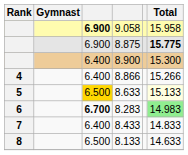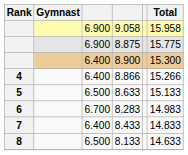 <table class="wikitable sortable" style="text-align:center; font-size:95%">
 <tr>
 <th scope=col>Rank</th>
 <th scope=col>Gymnast</th>
 <th scope=col></th>
 <th scope=col></th>
 <th scope=col></th>
 <th scope=col>Total</th>
 </tr>
 <tr bgcolor=fffcaf>
 <th scope=row></th>
 <td align=left></td>
-<td><strong>6.900</strong></td>
+<td>6.900</td>
 <td>9.058</td>
 <td></td>
 <td>15.958</td>
 </tr>
 <tr bgcolor=e5e5e5>
 <th scope=row></th>
 <td align=left></td>
 <td>6.900</td>
 <td>8.875</td>
 <td></td>
-<td><strong>15.775</strong></td>
+<td>15.775</td>
 </tr>
 <tr bgcolor=eecc99>
 <th scope=row></th>
 <td align=left></td>
 <td>6.400</td>
 <td>8.900</td>
 <td></td>
 <td>15.300</td>
 </tr>
 <tr>
 <th scope=row>4</th>
 <td align=left></td>
 <td>6.400</td>
 <td>8.866</td>
 <td></td>
 <td>15.266</td>
 </tr>
 <tr>
 <th scope=row>5</th>
 <td align=left></td>
-<td style="background: gold;">6.500</td>
+<td>6.500</td>
 <td>8.633</td>
 <td></td>
-<td style="background: lightyellow;">15.133</td>
+<td>15.133</td>
 </tr>
 <tr>
 <th scope=row>6</th>
 <td align=left></td>
-<td><strong>6.700</strong></td>
+<td>6.700</td>
 <td>8.283</td>
 <td></td>
-<td style="background: lightgreen;">14.983</td>
+<td>14.983</td>
 </tr>
 <tr>
 <th scope=row>7</th>
 <td align=left></td>
 <td>6.400</td>
 <td>8.433</td>
 <td></td>
 <td>14.833</td>
 </tr>
 <tr>
 <th scope=row>8</th>
 <td align=left></td>
 <td>6.500</td>
 <td>8.133</td>
 <td></td>
 <td>14.633</td>
 </tr>
 <tr>
 </tr>
 </table>
